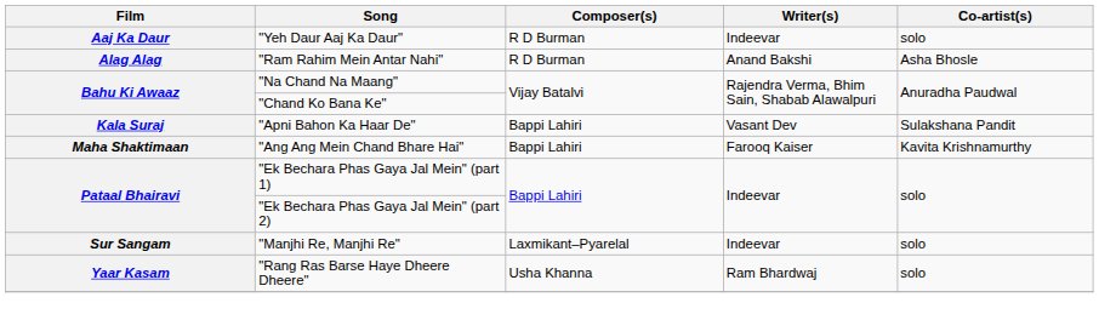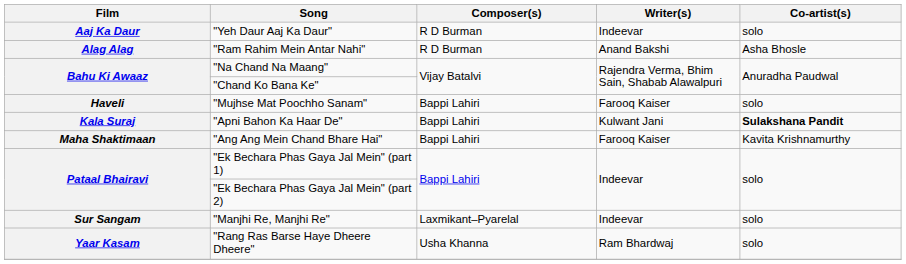 <table class="wikitable plainrowheaders" style="width:100%;" textcolor:#000;">
 <tr style="background:#b0e0e66;">
 <th scope="col" style="width:23%;"><strong>Film</strong></th>
 <th scope="col" style="width:23%;"><strong>Song</strong></th>
 <th scope="col" style="width:20%;"><strong>Composer(s)</strong></th>
 <th scope="col" style="width:16%;"><strong>Writer(s)</strong></th>
 <th scope="col" style="width:18%;"><strong>Co-artist(s)</strong></th>
 </tr>
 <tr>
 <th><em><a href='#'>Aaj Ka Daur</a></em></th>
 <td>"Yeh Daur Aaj Ka Daur"</td>
 <td>R D Burman</td>
 <td>Indeevar</td>
 <td>solo</td>
 </tr>
 <tr>
 <th><em><a href='#'>Alag Alag</a></em></th>
 <td>"Ram Rahim Mein Antar Nahi"</td>
 <td>R D Burman</td>
 <td>Anand Bakshi</td>
 <td>Asha Bhosle</td>
 </tr>
 <tr>
 <th Rowspan=2><em><a href='#'>Bahu Ki Awaaz</a></em></th>
 <td>"Na Chand Na Maang"</td>
 <td rowspan=2>Vijay Batalvi</td>
 <td rowspan=2>Rajendra Verma, Bhim Sain, Shabab Alawalpuri</td>
 <td rowspan=2>Anuradha Paudwal</td>
 </tr>
 <tr>
 <td>"Chand Ko Bana Ke"</td>
 </tr>
 <tr>
+<th><em>Haveli</em></th>
+<td>"Mujhse Mat Poochho Sanam"</td>
+<td>Bappi Lahiri</td>
+<td>Farooq Kaiser</td>
+<td>solo</td>
+</tr>
+<tr>
 <th><em><a href='#'>Kala Suraj</a></em></th>
 <td>"Apni Bahon Ka Haar De"</td>
 <td>Bappi Lahiri</td>
-<td>Vasant Dev</td>
-<td>Sulakshana Pandit</td>
+<td>Kulwant Jani</td>
+<td><strong>Sulakshana Pandit</strong></td>
 </tr>
 <tr>
 <th><em>Maha Shaktimaan</em></th>
 <td>"Ang Ang Mein Chand Bhare Hai"</td>
 <td>Bappi Lahiri</td>
 <td>Farooq Kaiser</td>
 <td>Kavita Krishnamurthy</td>
 </tr>
 <tr>
 <th rowspan=2><em><a href='#'>Pataal Bhairavi</a></em></th>
 <td>"Ek Bechara Phas Gaya Jal Mein" (part 1)</td>
 <td rowspan=2><a href='#'>Bappi Lahiri</a></td>
 <td rowspan=2>Indeevar</td>
 <td rowspan=2>solo</td>
 </tr>
 <tr>
 <td>"Ek Bechara Phas Gaya Jal Mein" (part 2)</td>
 </tr>
 <tr>
 <th><em>Sur Sangam</em></th>
 <td>"Manjhi Re, Manjhi Re"</td>
 <td>Laxmikant–Pyarelal</td>
 <td>Indeevar</td>
 <td>solo</td>
 </tr>
 <tr>
 <th><em><a href='#'>Yaar Kasam</a></em></th>
 <td>"Rang Ras Barse Haye Dheere Dheere"</td>
 <td>Usha Khanna</td>
 <td>Ram Bhardwaj</td>
 <td>solo</td>
 </tr>
 <tr>
 </tr>
 </table>
